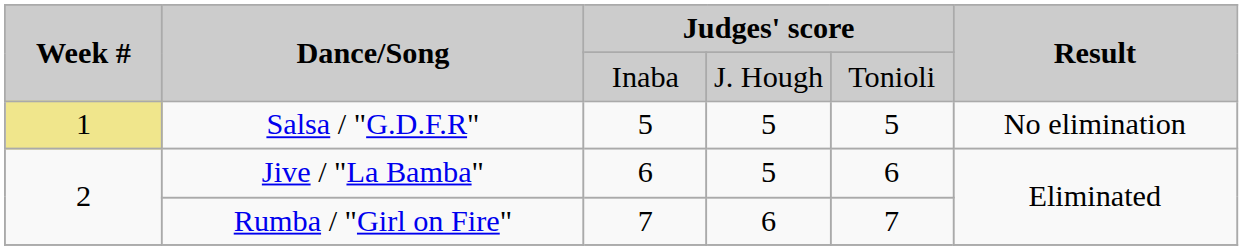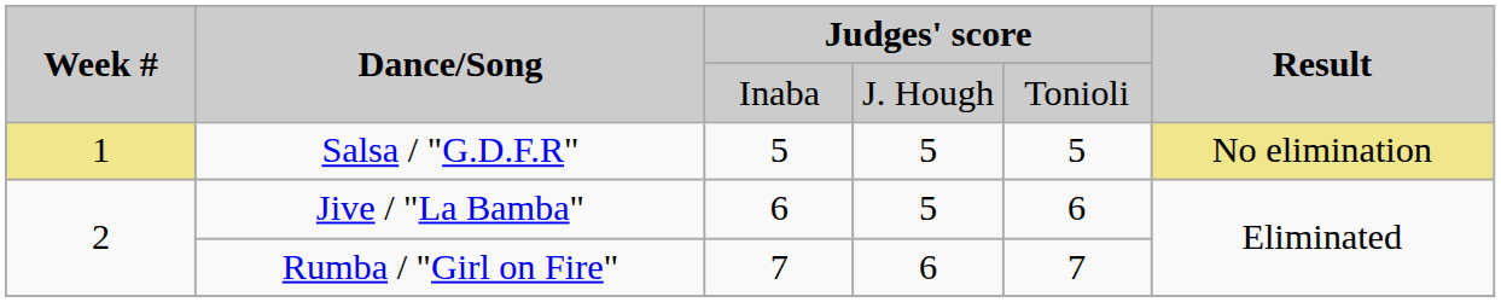 <table class="wikitable" style="text-align:center">
 <tr>
 <th rowspan="2" style="background:#ccc;">Week #</th>
 <th rowspan="2" style="background:#ccc;">Dance/Song</th>
 <th colspan="3" style="background:#ccc;">Judges' score</th>
 <th rowspan="2" style="background:#ccc;">Result</th>
 </tr>
 <tr style="background:#ccc;">
 <td style="width:10%;">Inaba</td>
 <td style="width:10%;">J. Hough</td>
 <td style="width:10%;">Tonioli</td>
 </tr>
 <tr>
 <td style="background: khaki;">1</td>
 <td><a href='#'>Salsa</a> / "<a href='#'>G.D.F.R</a>"</td>
 <td>5</td>
 <td>5</td>
 <td>5</td>
-<td>No elimination</td>
+<td style="background: khaki;">No elimination</td>
 </tr>
 <tr>
 <td rowspan="2">2</td>
 <td><a href='#'>Jive</a> / "<a href='#'>La Bamba</a>"</td>
 <td>6</td>
 <td>5</td>
 <td>6</td>
 <td rowspan="2">Eliminated</td>
 </tr>
 <tr>
 <td><a href='#'>Rumba</a> / "<a href='#'>Girl on Fire</a>"</td>
 <td>7</td>
 <td>6</td>
 <td>7</td>
 </tr>
 </table>
